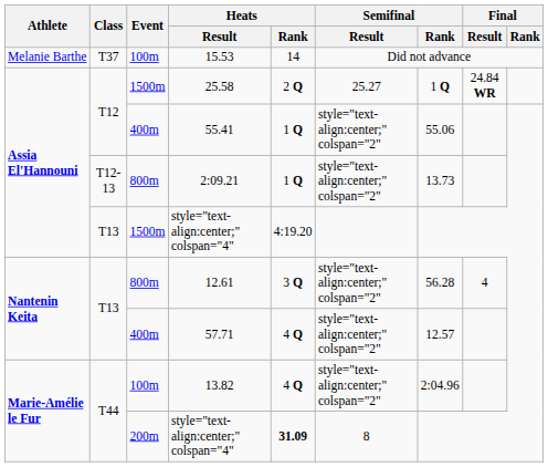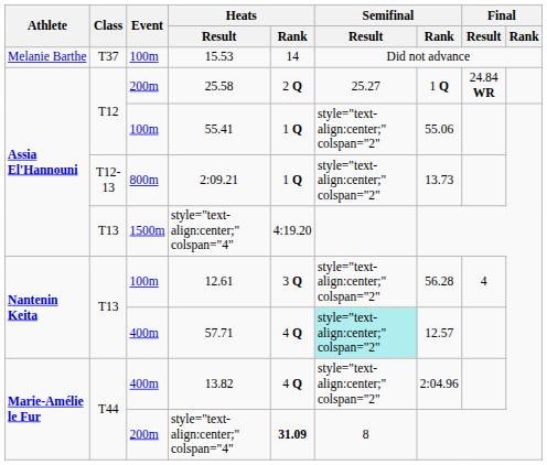 <table class=wikitable style="font-size:90%">
 <tr>
 <th rowspan="2">Athlete</th>
 <th rowspan="2">Class</th>
 <th rowspan="2">Event</th>
 <th colspan="2">Heats</th>
 <th colspan="2">Semifinal</th>
 <th colspan="2">Final</th>
 </tr>
 <tr>
 <th>Result</th>
 <th>Rank</th>
 <th>Result</th>
 <th>Rank</th>
 <th>Result</th>
 <th>Rank</th>
 </tr>
 <tr>
 <td><a href='#'>Melanie Barthe</a></td>
 <td style="text-align:center;">T37</td>
 <td><a href='#'>100m</a></td>
 <td style="text-align:center;">15.53</td>
 <td style="text-align:center;">14</td>
 <td style="text-align:center;" colspan="4">Did not advance</td>
 </tr>
 <tr>
 <td rowspan="4"><strong><a href='#'>Assia El'Hannouni</a></strong></td>
 <td rowspan="2" style="text-align:center;">T12</td>
-<td><a href='#'>1500m</a></td>
+<td><a href='#'>200m</a></td>
 <td style="text-align:center;">25.58</td>
 <td style="text-align:center;">2 <strong>Q</strong></td>
 <td style="text-align:center;">25.27</td>
 <td style="text-align:center;">1 <strong>Q</strong></td>
 <td style="text-align:center;">24.84 <strong>WR</strong></td>
 <td style="text-align:center;"></td>
 </tr>
 <tr>
-<td><a href='#'>400m</a></td>
+<td><a href='#'>100m</a></td>
 <td style="text-align:center;">55.41</td>
 <td style="text-align:center;">1 <strong>Q</strong></td>
 <td>style="text-align:center;" colspan="2" </td>
 <td style="text-align:center;">55.06</td>
 <td style="text-align:center;"></td>
 </tr>
 <tr>
 <td style="text-align:center;">T12-13</td>
 <td><a href='#'>800m</a></td>
 <td style="text-align:center;">2:09.21</td>
 <td style="text-align:center;">1 <strong>Q</strong></td>
 <td>style="text-align:center;" colspan="2" </td>
 <td style="text-align:center;">13.73</td>
 <td style="text-align:center;"></td>
 </tr>
 <tr>
 <td style="text-align:center;">T13</td>
 <td><a href='#'>1500m</a></td>
 <td>style="text-align:center;" colspan="4" </td>
 <td style="text-align:center;">4:19.20</td>
 <td style="text-align:center;"></td>
 </tr>
 <tr>
 <td rowspan="2"><strong><a href='#'>Nantenin Keita</a></strong></td>
 <td rowspan="2" style="text-align:center;">T13</td>
-<td><a href='#'>800m</a></td>
+<td><a href='#'>100m</a></td>
 <td style="text-align:center;">12.61</td>
 <td style="text-align:center;">3 <strong>Q</strong></td>
 <td>style="text-align:center;" colspan="2" </td>
 <td style="text-align:center;">56.28</td>
 <td style="text-align:center;">4</td>
 </tr>
 <tr>
 <td><a href='#'>400m</a></td>
 <td style="text-align:center;">57.71</td>
 <td style="text-align:center;">4 <strong>Q</strong></td>
-<td>style="text-align:center;" colspan="2" </td>
+<td style="background: paleturquoise;">style="text-align:center;" colspan="2" </td>
 <td style="text-align:center;">12.57</td>
 <td style="text-align:center;"></td>
 </tr>
 <tr>
 <td rowspan="2"><strong><a href='#'>Marie-Amélie le Fur</a></strong></td>
 <td rowspan="2" style="text-align:center;">T44</td>
-<td><a href='#'>100m</a></td>
+<td><a href='#'>400m</a></td>
 <td style="text-align:center;">13.82</td>
 <td style="text-align:center;">4 <strong>Q</strong></td>
 <td>style="text-align:center;" colspan="2" </td>
 <td style="text-align:center;">2:04.96</td>
 <td style="text-align:center;"></td>
 </tr>
 <tr>
 <td><a href='#'>200m</a></td>
 <td>style="text-align:center;" colspan="4" </td>
 <td style="text-align:center;"><strong>31.09</strong></td>
 <td style="text-align:center;">8</td>
 </tr>
 </table>
